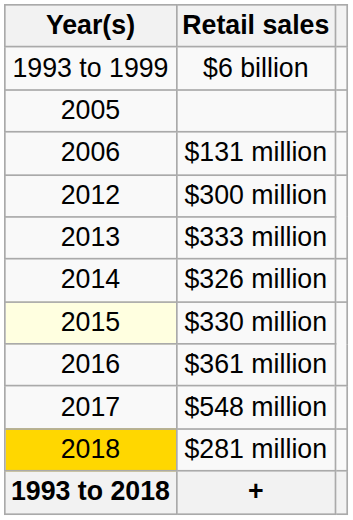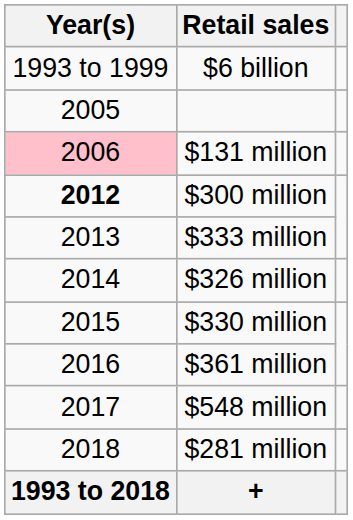 <table class="wikitable sortable" style="text-align:center">
 <tr>
 <th>Year(s)</th>
 <th>Retail sales</th>
 <th></th>
 </tr>
 <tr>
 <td>1993 to 1999</td>
 <td>$6 billion</td>
 <td></td>
 </tr>
 <tr>
 <td>2005</td>
 <td></td>
 <td></td>
 </tr>
 <tr>
-<td>2006</td>
+<td style="background: pink;">2006</td>
 <td>$131 million</td>
 <td></td>
 </tr>
 <tr>
-<td>2012</td>
+<td><strong>2012</strong></td>
 <td>$300 million</td>
 <td rowspan="2"></td>
 </tr>
 <tr>
 <td>2013</td>
 <td>$333 million</td>
 </tr>
 <tr>
 <td>2014</td>
 <td>$326 million</td>
 <td></td>
 </tr>
 <tr>
-<td style="background: lightyellow;">2015</td>
+<td>2015</td>
 <td>$330 million</td>
 <td rowspan="2"></td>
 </tr>
 <tr>
 <td>2016</td>
 <td>$361 million</td>
 </tr>
 <tr>
 <td>2017</td>
 <td>$548 million</td>
 <td></td>
 </tr>
 <tr>
-<td style="background: gold;">2018</td>
+<td>2018</td>
 <td>$281 million</td>
 <td></td>
 </tr>
 <tr>
 <th>1993 to 2018</th>
 <th>+</th>
 <th></th>
 </tr>
 </table>
